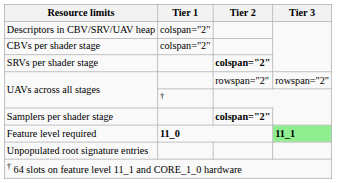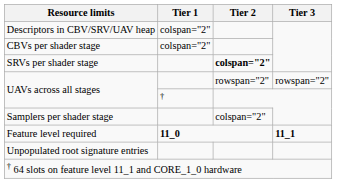 <table class="wikitable"  style="font-size: 90%">
 <tr>
 <th>Resource limits</th>
 <th>Tier 1</th>
 <th>Tier 2</th>
 <th>Tier 3</th>
 </tr>
 <tr>
 <td>Descriptors in CBV/SRV/UAV heap</td>
 <td>colspan="2" </td>
 <td></td>
 </tr>
 <tr>
 <td>CBVs per shader stage</td>
 <td>colspan="2" </td>
 <td></td>
 </tr>
 <tr>
 <td>SRVs per shader stage</td>
 <td></td>
 <td><strong>colspan="2" </strong></td>
 </tr>
 <tr>
 <td rowspan="2">UAVs across all stages</td>
 <td></td>
 <td>rowspan="2" </td>
 <td>rowspan="2" </td>
 </tr>
 <tr>
 <td><sup>†</sup></td>
 </tr>
 <tr>
 <td>Samplers per shader stage</td>
 <td></td>
-<td><strong>colspan="2" </strong></td>
+<td>colspan="2" </td>
 </tr>
 <tr>
 <td>Feature level required</td>
 <td colspan="2"><strong>11_0</strong></td>
-<td style="background: lightgreen;"><strong>11_1</strong></td>
+<td><strong>11_1</strong></td>
 </tr>
 <tr>
 <td>Unpopulated root signature entries</td>
 <td></td>
 <td></td>
 <td></td>
 </tr>
 <tr>
 <td colspan="4"><sup>†</sup> 64 slots on feature level 11_1 and CORE_1_0 hardware</td>
 </tr>
 </table>
